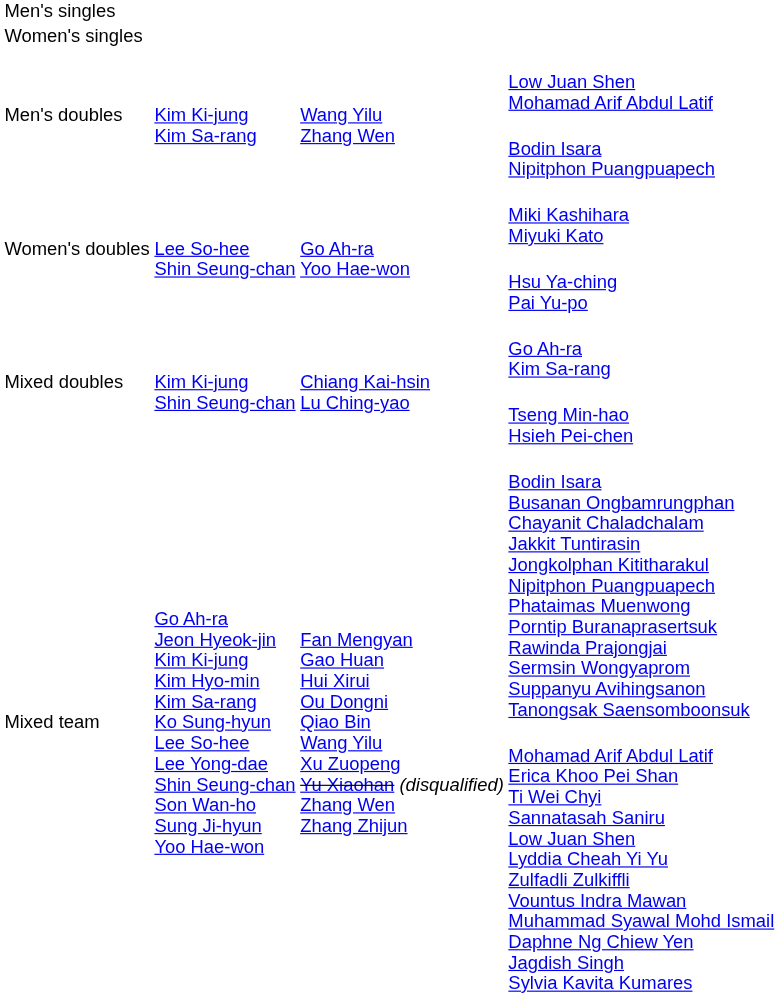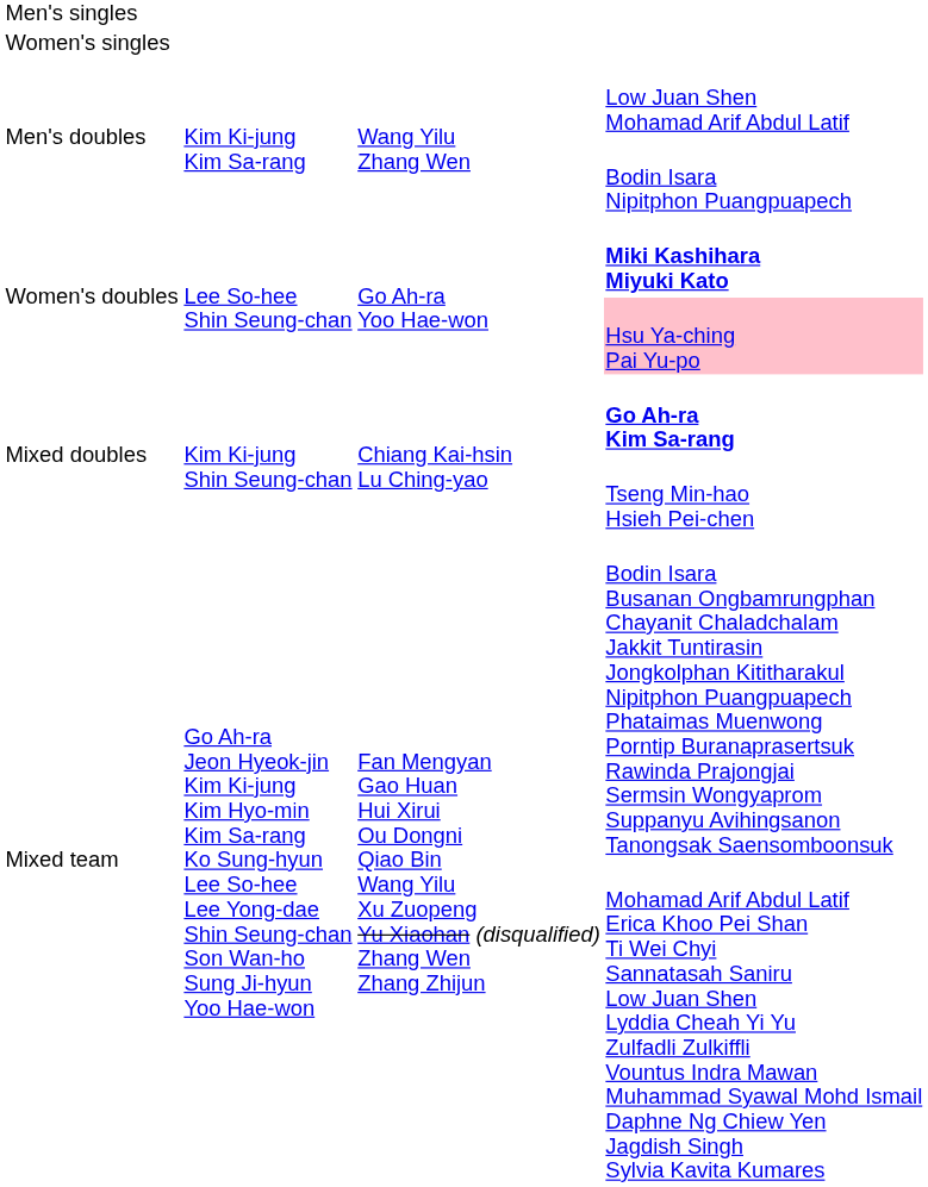 <table>
 <tr>
 <td rowspan=2>Men's singles<br></td>
 <td rowspan=2></td>
 <td rowspan=2></td>
 <td></td>
 </tr>
 <tr>
 <td></td>
 </tr>
 <tr>
 <td rowspan=2>Women's singles<br></td>
 <td rowspan=2></td>
 <td rowspan=2></td>
 <td></td>
 </tr>
 <tr>
 <td></td>
 </tr>
 <tr>
 <td rowspan=2>Men's doubles<br></td>
 <td rowspan=2><br><a href='#'>Kim Ki-jung</a><br><a href='#'>Kim Sa-rang</a></td>
 <td rowspan=2><br><a href='#'>Wang Yilu</a><br><a href='#'>Zhang Wen</a></td>
 <td><br><a href='#'>Low Juan Shen</a><br><a href='#'>Mohamad Arif Abdul Latif</a></td>
 </tr>
 <tr>
 <td><br><a href='#'>Bodin Isara</a><br><a href='#'>Nipitphon Puangpuapech</a></td>
 </tr>
 <tr>
 <td rowspan=2>Women's doubles<br></td>
 <td rowspan=2><br><a href='#'>Lee So-hee</a><br><a href='#'>Shin Seung-chan</a></td>
 <td rowspan=2><br><a href='#'>Go Ah-ra</a><br><a href='#'>Yoo Hae-won</a></td>
-<td><br><a href='#'>Miki Kashihara</a><br><a href='#'>Miyuki Kato</a></td>
+<td><strong><br><a href='#'>Miki Kashihara</a><br><a href='#'>Miyuki Kato</a></strong></td>
 </tr>
 <tr>
-<td><br><a href='#'>Hsu Ya-ching</a><br><a href='#'>Pai Yu-po</a></td>
+<td style="background: pink;"><br><a href='#'>Hsu Ya-ching</a><br><a href='#'>Pai Yu-po</a></td>
 </tr>
 <tr>
 <td rowspan=2>Mixed doubles<br></td>
 <td rowspan=2><br><a href='#'>Kim Ki-jung</a><br><a href='#'>Shin Seung-chan</a></td>
 <td rowspan=2><br><a href='#'>Chiang Kai-hsin</a><br><a href='#'>Lu Ching-yao</a></td>
-<td><br><a href='#'>Go Ah-ra</a><br><a href='#'>Kim Sa-rang</a></td>
+<td><strong><br><a href='#'>Go Ah-ra</a><br><a href='#'>Kim Sa-rang</a></strong></td>
 </tr>
 <tr>
 <td><br><a href='#'>Tseng Min-hao</a><br><a href='#'>Hsieh Pei-chen</a></td>
 </tr>
 <tr>
 <td rowspan=2>Mixed team<br></td>
 <td rowspan=2><br><a href='#'>Go Ah-ra</a><br><a href='#'>Jeon Hyeok-jin</a><br><a href='#'>Kim Ki-jung</a><br><a href='#'>Kim Hyo-min</a><br><a href='#'>Kim Sa-rang</a><br><a href='#'>Ko Sung-hyun</a><br><a href='#'>Lee So-hee</a><br><a href='#'>Lee Yong-dae</a><br><a href='#'>Shin Seung-chan</a><br><a href='#'>Son Wan-ho</a><br><a href='#'>Sung Ji-hyun</a><br><a href='#'>Yoo Hae-won</a></td>
 <td rowspan=2><br><a href='#'>Fan Mengyan</a><br><a href='#'>Gao Huan</a><br><a href='#'>Hui Xirui</a><br><a href='#'>Ou Dongni</a><br><a href='#'>Qiao Bin</a><br><a href='#'>Wang Yilu</a><br><a href='#'>Xu Zuopeng</a><br><s><a href='#'>Yu Xiaohan</a></s> <em>(disqualified)</em><br><a href='#'>Zhang Wen</a><br><a href='#'>Zhang Zhijun</a></td>
 <td><br><a href='#'>Bodin Isara</a><br><a href='#'>Busanan Ongbamrungphan</a><br><a href='#'>Chayanit Chaladchalam</a><br><a href='#'>Jakkit Tuntirasin</a><br><a href='#'>Jongkolphan Kititharakul</a><br><a href='#'>Nipitphon Puangpuapech</a><br><a href='#'>Phataimas Muenwong</a><br><a href='#'>Porntip Buranaprasertsuk</a><br><a href='#'>Rawinda Prajongjai</a><br><a href='#'>Sermsin Wongyaprom</a><br><a href='#'>Suppanyu Avihingsanon</a><br><a href='#'>Tanongsak Saensomboonsuk</a></td>
 </tr>
 <tr>
 <td><br><a href='#'>Mohamad Arif Abdul Latif</a><br><a href='#'>Erica Khoo Pei Shan</a><br><a href='#'>Ti Wei Chyi</a><br><a href='#'>Sannatasah Saniru</a><br><a href='#'>Low Juan Shen</a><br><a href='#'>Lyddia Cheah Yi Yu</a><br><a href='#'>Zulfadli Zulkiffli</a><br><a href='#'>Vountus Indra Mawan</a><br><a href='#'>Muhammad Syawal Mohd Ismail</a><br><a href='#'>Daphne Ng Chiew Yen</a><br><a href='#'>Jagdish Singh</a><br><a href='#'>Sylvia Kavita Kumares</a></td>
 </tr>
 <tr>
 </tr>
 </table>
